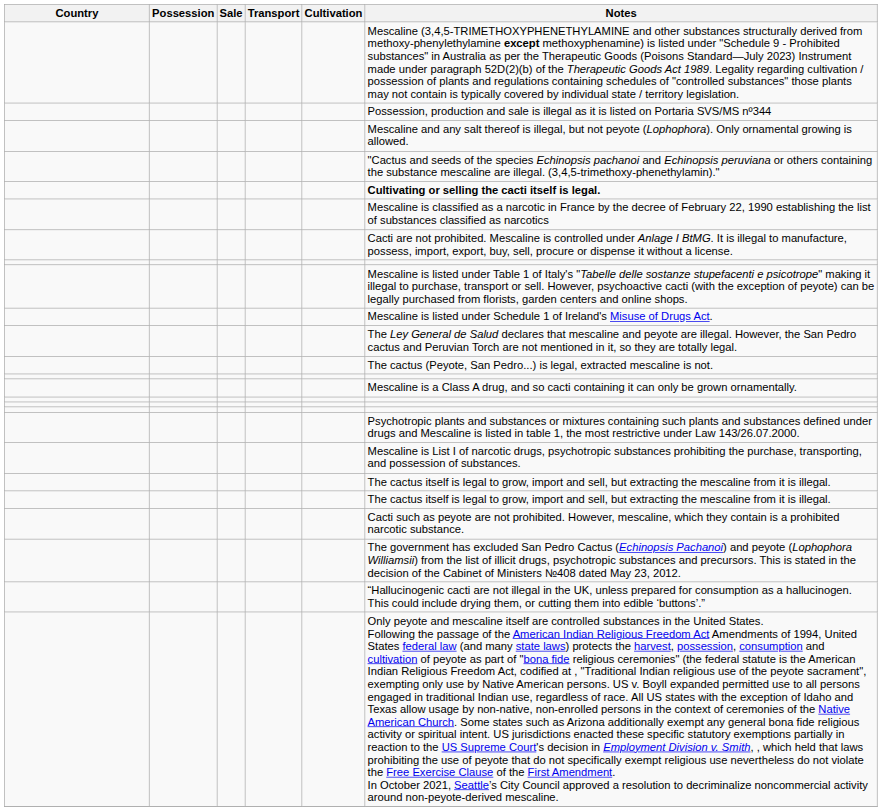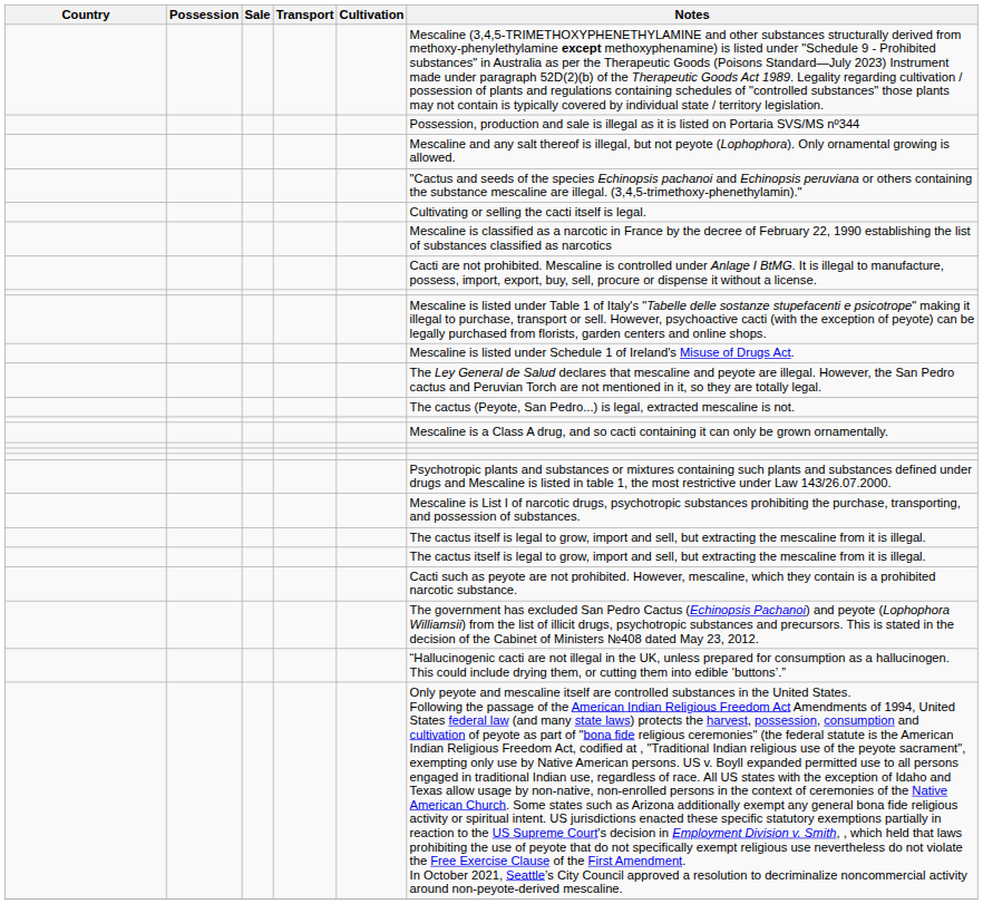 <table class="wikitable sortable" style="text-align:left">
 <tr>
 <th style="width:200px;"><strong>Country</strong></th>
 <th><strong>Possession</strong></th>
 <th><strong>Sale</strong></th>
 <th><strong>Transport</strong></th>
 <th><strong>Cultivation</strong></th>
 <th><strong>Notes</strong></th>
 </tr>
 <tr>
 <td></td>
 <td></td>
 <td></td>
 <td></td>
 <td></td>
 <td>Mescaline (3,4,5‑TRIMETHOXYPHENETHYLAMINE and other substances structurally derived from methoxy‑phenylethylamine <strong>except</strong> methoxyphenamine) is listed under "Schedule 9 - Prohibited substances" in Australia as per the Therapeutic Goods (Poisons Standard—July 2023) Instrument made under paragraph 52D(2)(b) of the <em>Therapeutic Goods Act 1989</em>. Legality regarding cultivation / possession of plants and regulations containing schedules of "controlled substances" those plants may not contain is typically covered by individual state / territory legislation.</td>
 </tr>
 <tr>
 <td></td>
 <td></td>
 <td></td>
 <td></td>
 <td></td>
 <td>Possession, production and sale is illegal as it is listed on Portaria SVS/MS nº344</td>
 </tr>
 <tr>
 <td></td>
 <td></td>
 <td></td>
 <td></td>
 <td></td>
 <td>Mescaline and any salt thereof is illegal, but not peyote (<em>Lophophora</em>). Only ornamental growing is allowed.</td>
 </tr>
 <tr>
 <td></td>
 <td></td>
 <td></td>
 <td></td>
 <td></td>
 <td>"Cactus and seeds of the species <em>Echinopsis pachanoi</em> and <em>Echinopsis peruviana</em> or others containing the substance mescaline are illegal. (3,4,5-trimethoxy-phenethylamin)."</td>
 </tr>
 <tr>
 <td></td>
 <td></td>
 <td></td>
 <td></td>
 <td></td>
-<td><strong>Cultivating or selling the cacti itself is legal. </strong></td>
+<td>Cultivating or selling the cacti itself is legal. </td>
 </tr>
 <tr>
 <td></td>
 <td></td>
 <td></td>
 <td></td>
 <td></td>
 <td>Mescaline is classified as a narcotic in France by the decree of February 22, 1990 establishing the list of substances classified as narcotics</td>
 </tr>
 <tr>
 <td></td>
 <td></td>
 <td></td>
 <td></td>
 <td></td>
 <td>Cacti are not prohibited. Mescaline is controlled under <em>Anlage I BtMG</em>. It is illegal to manufacture, possess, import, export, buy, sell, procure or dispense it without a license.</td>
 </tr>
 <tr>
 <td></td>
 <td></td>
 <td></td>
 <td></td>
 <td></td>
 <td></td>
 </tr>
 <tr>
 <td></td>
 <td></td>
 <td></td>
 <td></td>
 <td></td>
 <td>Mescaline is listed under Table 1 of Italy's "<em>Tabelle delle sostanze stupefacenti e psicotrope</em>" making it illegal to purchase, transport or sell. However, psychoactive cacti (with the exception of peyote) can be legally purchased from florists, garden centers and online shops.</td>
 </tr>
 <tr>
 <td></td>
 <td></td>
 <td></td>
 <td></td>
 <td></td>
 <td>Mescaline is listed under Schedule 1 of Ireland's <a href='#'>Misuse of Drugs Act</a>.</td>
 </tr>
 <tr>
 <td></td>
 <td></td>
 <td></td>
 <td></td>
 <td></td>
 <td>The <em>Ley General de Salud</em> declares that mescaline and peyote are illegal. However, the San Pedro cactus and Peruvian Torch are not mentioned in it, so they are totally legal.</td>
 </tr>
 <tr>
 <td></td>
 <td></td>
 <td></td>
 <td></td>
 <td></td>
 <td>The cactus (Peyote, San Pedro...) is legal, extracted mescaline is not.</td>
 </tr>
 <tr>
 <td></td>
 <td></td>
 <td></td>
 <td></td>
 <td></td>
 <td></td>
 </tr>
 <tr>
 <td></td>
 <td></td>
 <td></td>
 <td></td>
 <td></td>
 <td>Mescaline is a Class A drug, and so cacti containing it can only be grown ornamentally.</td>
 </tr>
 <tr>
 <td></td>
 <td></td>
 <td></td>
 <td></td>
 <td></td>
 <td></td>
 </tr>
 <tr>
 <td></td>
 <td></td>
 <td></td>
 <td></td>
 <td></td>
 <td></td>
 </tr>
 <tr>
 <td></td>
 <td></td>
 <td></td>
 <td></td>
 <td></td>
 <td></td>
 </tr>
 <tr>
 <td></td>
 <td></td>
 <td></td>
 <td></td>
 <td></td>
 <td>Psychotropic plants and substances or mixtures containing such plants and substances defined under drugs and Mescaline is listed in table 1, the most restrictive under Law 143/26.07.2000.</td>
 </tr>
 <tr>
 <td></td>
 <td></td>
 <td></td>
 <td></td>
 <td></td>
 <td>Mescaline is List I of narcotic drugs, psychotropic substances prohibiting the purchase, transporting, and possession of substances.</td>
 </tr>
 <tr>
 <td></td>
 <td></td>
 <td></td>
 <td></td>
 <td></td>
 <td>The cactus itself is legal to grow, import and sell, but extracting the mescaline from it is illegal.</td>
 </tr>
 <tr>
 <td></td>
 <td></td>
 <td></td>
 <td></td>
 <td></td>
 <td>The cactus itself is legal to grow, import and sell, but extracting the mescaline from it is illegal.</td>
 </tr>
 <tr>
 <td></td>
 <td></td>
 <td></td>
 <td></td>
 <td></td>
 <td>Cacti such as peyote are not prohibited. However, mescaline, which they contain is a prohibited narcotic substance.</td>
 </tr>
 <tr>
 <td></td>
 <td></td>
 <td></td>
 <td></td>
 <td></td>
 <td>The government has excluded San Pedro Cactus (<a href='#'><em>Echinopsis Pachanoi</em></a>) and peyote (<em>Lophophora Williamsii</em>) from the list of illicit drugs, psychotropic substances and precursors. This is stated in the decision of the Cabinet of Ministers №408 dated May 23, 2012.</td>
 </tr>
 <tr>
 <td></td>
 <td></td>
 <td></td>
 <td></td>
 <td></td>
 <td>“Hallucinogenic cacti are not illegal in the UK, unless prepared for consumption as a hallucinogen. This could include drying them, or cutting them into edible ‘buttons’.” </td>
 </tr>
 <tr>
 <td></td>
 <td></td>
 <td></td>
 <td></td>
 <td></td>
 <td>Only peyote and mescaline itself are controlled substances in the United States. <br>Following the passage of the <a href='#'>American Indian Religious Freedom Act</a> Amendments of 1994, United States <a href='#'>federal law</a> (and many <a href='#'>state laws</a>) protects the <a href='#'>harvest</a>, <a href='#'>possession</a>, <a href='#'>consumption</a> and <a href='#'>cultivation</a> of peyote as part of "<a href='#'>bona fide</a> religious ceremonies" (the federal statute is the American Indian Religious Freedom Act, codified at , "Traditional Indian religious use of the peyote sacrament", exempting only use by Native American persons. US v. Boyll expanded permitted use to all persons engaged in traditional Indian use, regardless of race. All US states with the exception of Idaho and Texas allow usage by non-native, non-enrolled persons in the context of ceremonies of the <a href='#'>Native American Church</a>. Some states such as Arizona additionally exempt any general bona fide religious activity or spiritual intent. US jurisdictions enacted these specific statutory exemptions partially in reaction to the <a href='#'>US Supreme Court</a>'s decision in <em><a href='#'>Employment Division v. Smith</a></em>, , which held that laws prohibiting the use of peyote that do not specifically exempt religious use nevertheless do not violate the <a href='#'>Free Exercise Clause</a> of the <a href='#'>First Amendment</a>.<br>In October 2021, <a href='#'>Seattle</a>’s City Council approved a resolution to decriminalize noncommercial activity around non-peyote-derived mescaline.</td>
 </tr>
 <tr>
 </tr>
 </table>
